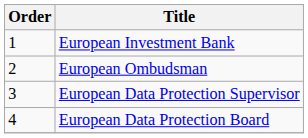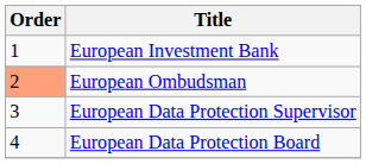 <table class="wikitable">
 <tr>
 <th>Order</th>
 <th>Title</th>
 </tr>
 <tr>
 <td>1</td>
 <td><a href='#'>European Investment Bank</a></td>
 </tr>
 <tr>
-<td>2</td>
+<td style="background: lightsalmon;">2</td>
 <td><a href='#'>European Ombudsman</a></td>
 </tr>
 <tr>
 <td>3</td>
 <td><a href='#'>European Data Protection Supervisor</a></td>
 </tr>
 <tr>
 <td>4</td>
 <td><a href='#'>European Data Protection Board</a></td>
 </tr>
 <tr>
 </tr>
 </table>
